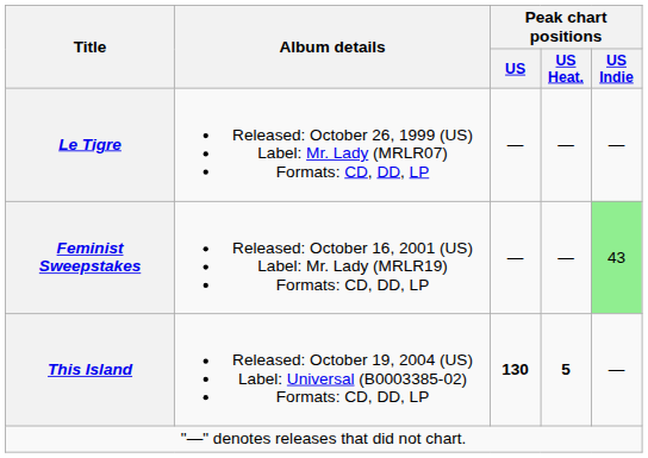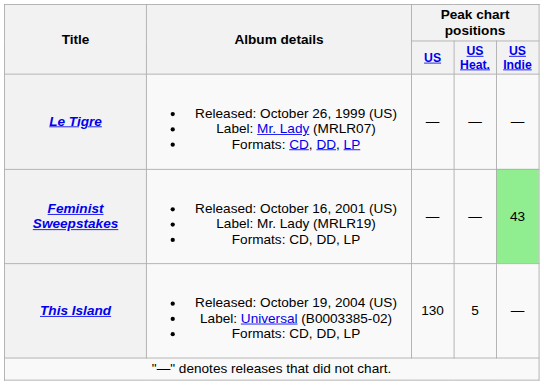 <table class="wikitable plainrowheaders" style="text-align:center;">
 <tr>
 <th scope="col" rowspan="2" style="width:10em;">Title</th>
 <th scope="col" rowspan="2" style="width:19em;">Album details</th>
 <th scope="col" colspan="3">Peak chart positions</th>
 </tr>
 <tr>
 <th style="width:3em;font-size:90%"><a href='#'>US</a><br></th>
 <th style="width:3em;font-size:90%"><a href='#'>US Heat.</a><br></th>
 <th style="width:3em;font-size:90%"><a href='#'>US Indie</a><br></th>
 </tr>
 <tr>
 <th scope="row"><em><a href='#'>Le Tigre</a></em></th>
 <td><br><ul><li>Released: October 26, 1999 <span>(US)</span></li><li>Label: <a href='#'>Mr. Lady</a> <span>(MRLR07)</span></li><li>Formats: <a href='#'>CD</a>, <a href='#'>DD</a>, <a href='#'>LP</a></li></ul></td>
 <td>—</td>
 <td>—</td>
 <td>—</td>
 </tr>
 <tr>
 <th scope="row"><em><a href='#'>Feminist Sweepstakes</a></em></th>
 <td><br><ul><li>Released: October 16, 2001 <span>(US)</span></li><li>Label: Mr. Lady <span>(MRLR19)</span></li><li>Formats: CD, DD, LP</li></ul></td>
 <td>—</td>
 <td>—</td>
 <td style="background: lightgreen;">43</td>
 </tr>
 <tr>
 <th scope="row"><em><a href='#'>This Island</a></em></th>
 <td><br><ul><li>Released: October 19, 2004 <span>(US)</span></li><li>Label: <a href='#'>Universal</a> <span>(B0003385-02)</span></li><li>Formats: CD, DD, LP</li></ul></td>
-<td><strong>130</strong></td>
-<td><strong>5</strong></td>
+<td>130</td>
+<td>5</td>
 <td>—</td>
 </tr>
 <tr>
 <td colspan="14">"—" denotes releases that did not chart.</td>
 </tr>
 </table>
